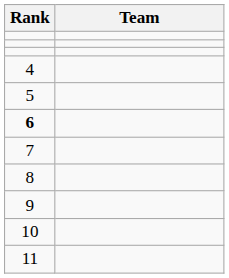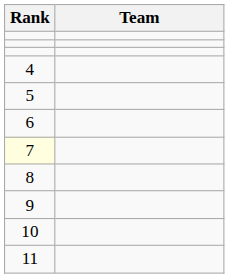 <table class=wikitable style="text-align:center">
 <tr>
 <th width=40>Rank</th>
 <th width=150>Team</th>
 </tr>
 <tr>
 <td></td>
 <td align=left></td>
 </tr>
 <tr>
 <td></td>
 <td align=left></td>
 </tr>
 <tr>
 <td></td>
 <td align=left></td>
 </tr>
 <tr>
 <td>4</td>
 <td align=left></td>
 </tr>
 <tr>
 <td>5</td>
 <td align=left></td>
 </tr>
 <tr>
-<td><strong>6</strong></td>
+<td>6</td>
 <td align=left></td>
 </tr>
 <tr>
-<td>7</td>
+<td style="background: lightyellow;">7</td>
 <td align=left></td>
 </tr>
 <tr>
 <td>8</td>
 <td align=left></td>
 </tr>
 <tr>
 <td>9</td>
 <td align=left></td>
 </tr>
 <tr>
 <td>10</td>
 <td align=left></td>
 </tr>
 <tr>
 <td>11</td>
 <td align=left></td>
 </tr>
 </table>
